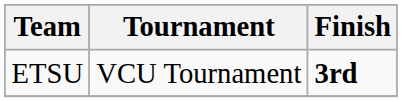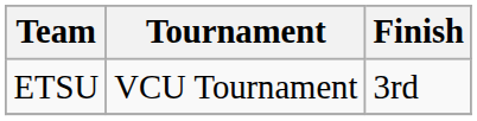 <table class="wikitable">
 <tr>
 <th>Team</th>
 <th>Tournament</th>
 <th>Finish</th>
 </tr>
 <tr>
 <td>ETSU</td>
 <td>VCU Tournament</td>
-<td><strong>3rd</strong></td>
+<td>3rd</td>
 </tr>
 <tr>
 </tr>
 </table>
